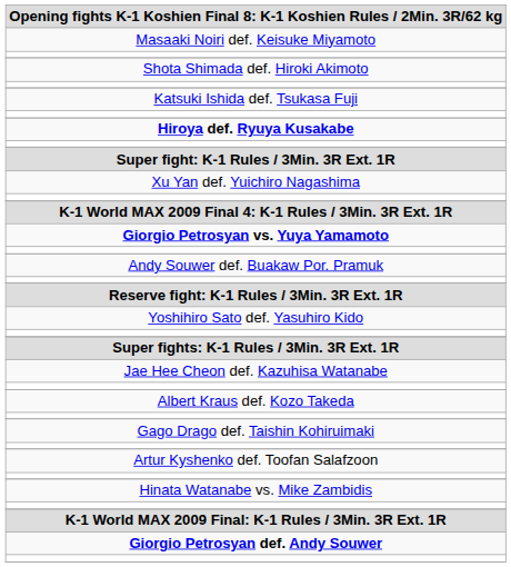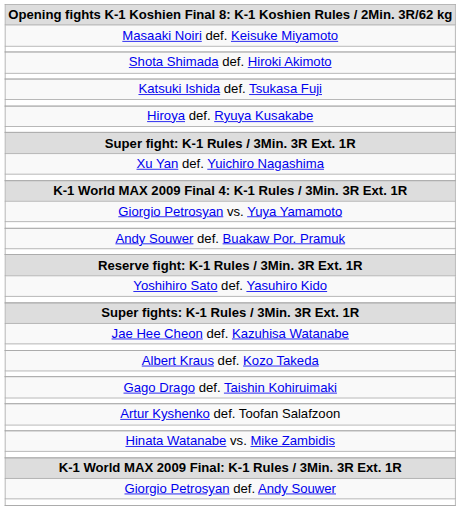 <table class="wikitable" style="clear:both; margin:1.5em auto; text-align:center;">
 <tr align="center"  bgcolor="#dddddd">
 <td><strong>Opening fights K-1 Koshien Final 8: K-1 Koshien Rules / 2Min. 3R/62 kg</strong></td>
 </tr>
 <tr align="center"  bgcolor=>
 <td align=center> <a href='#'>Masaaki Noiri</a> def. <a href='#'>Keisuke Miyamoto</a> </td>
 </tr>
 <tr>
 <th style=background:white colspan=2></th>
 </tr>
 <tr>
 </tr>
 <tr align="center"  bgcolor=>
 <td align=center> <a href='#'>Shota Shimada</a> def. <a href='#'>Hiroki Akimoto</a> </td>
 </tr>
 <tr>
 <th style=background:white colspan=2></th>
 </tr>
 <tr>
 </tr>
 <tr align="center"  bgcolor=>
 <td align=center> <a href='#'>Katsuki Ishida</a> def. <a href='#'>Tsukasa Fuji</a> </td>
 </tr>
 <tr>
 <th style=background:white colspan=2></th>
 </tr>
 <tr>
 </tr>
 <tr align="center"  bgcolor=>
-<td align=center><strong> <a href='#'>Hiroya</a> def. <a href='#'>Ryuya Kusakabe</a> </strong></td>
+<td align=center> <a href='#'>Hiroya</a> def. <a href='#'>Ryuya Kusakabe</a> </td>
 </tr>
 <tr>
 <th style=background:white colspan=2></th>
 </tr>
 <tr>
 </tr>
 <tr align="center"  bgcolor="#dddddd">
 <td><strong>Super fight: K-1 Rules / 3Min. 3R Ext. 1R</strong></td>
 </tr>
 <tr align="center"  bgcolor=>
 <td align=center> <a href='#'>Xu Yan</a> def. <a href='#'>Yuichiro Nagashima</a> </td>
 </tr>
 <tr>
 <th style=background:white colspan=2></th>
 </tr>
 <tr>
 </tr>
 <tr align="center"  bgcolor="#dddddd">
 <td><strong>K-1 World MAX 2009 Final 4: K-1 Rules / 3Min. 3R Ext. 1R</strong></td>
 </tr>
 <tr align="center"  bgcolor=>
-<td align=center><strong> <a href='#'>Giorgio Petrosyan</a> vs. <a href='#'>Yuya Yamamoto</a> </strong></td>
+<td align=center> <a href='#'>Giorgio Petrosyan</a> vs. <a href='#'>Yuya Yamamoto</a> </td>
 </tr>
 <tr>
 <th style=background:white colspan=2></th>
 </tr>
 <tr>
 </tr>
 <tr align="center"  bgcolor=>
 <td align=center> <a href='#'>Andy Souwer</a> def. <a href='#'>Buakaw Por. Pramuk</a> </td>
 </tr>
 <tr>
 <th style=background:white colspan=2></th>
 </tr>
 <tr>
 </tr>
 <tr align="center"  bgcolor="#dddddd">
 <td><strong>Reserve fight: K-1 Rules / 3Min. 3R Ext. 1R</strong></td>
 </tr>
 <tr align="center"  bgcolor=>
 <td align=center> <a href='#'>Yoshihiro Sato</a> def. <a href='#'>Yasuhiro Kido</a> </td>
 </tr>
 <tr>
 <th style=background:white colspan=2></th>
 </tr>
 <tr>
 </tr>
 <tr align="center"  bgcolor="#dddddd">
 <td><strong>Super fights: K-1 Rules / 3Min. 3R Ext. 1R</strong></td>
 </tr>
 <tr align="center"  bgcolor=>
 <td align=center> <a href='#'>Jae Hee Cheon</a> def. <a href='#'>Kazuhisa Watanabe</a> </td>
 </tr>
 <tr>
 <th style=background:white colspan=2></th>
 </tr>
 <tr>
 </tr>
 <tr align="center"  bgcolor=>
 <td align=center> <a href='#'>Albert Kraus</a> def. <a href='#'>Kozo Takeda</a> </td>
 </tr>
 <tr>
 <th style=background:white colspan=2></th>
 </tr>
 <tr>
 </tr>
 <tr align="center"  bgcolor=>
 <td align=center> <a href='#'>Gago Drago</a> def. <a href='#'>Taishin Kohiruimaki</a> </td>
 </tr>
 <tr>
 <th style=background:white colspan=2></th>
 </tr>
 <tr>
 </tr>
 <tr align="center"  bgcolor=>
 <td align=center> <a href='#'>Artur Kyshenko</a> def. Toofan Salafzoon </td>
 </tr>
 <tr>
 <th style=background:white colspan=2></th>
 </tr>
 <tr>
 </tr>
 <tr align="center"  bgcolor=>
 <td align=center> <a href='#'>Hinata Watanabe</a> vs. <a href='#'>Mike Zambidis</a> </td>
 </tr>
 <tr>
 <th style=background:white colspan=2></th>
 </tr>
 <tr>
 </tr>
 <tr align="center"  bgcolor="#dddddd">
 <td><strong>K-1 World MAX 2009 Final: K-1 Rules / 3Min. 3R Ext. 1R</strong></td>
 </tr>
 <tr align="center"  bgcolor=>
-<td align=center><strong> <a href='#'>Giorgio Petrosyan</a> def. <a href='#'>Andy Souwer</a> </strong></td>
+<td align=center> <a href='#'>Giorgio Petrosyan</a> def. <a href='#'>Andy Souwer</a> </td>
 </tr>
 <tr>
 <th style=background:white colspan=2></th>
 </tr>
 <tr>
 </tr>
 </table>
